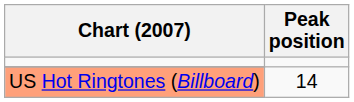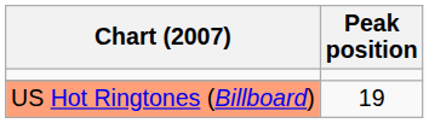 <table class="wikitable sortable">
 <tr>
 <th>Chart (2007)</th>
 <th>Peak<br>position</th>
 </tr>
 <tr>
 <td></td>
 </tr>
 <tr>
 </tr>
 <tr>
 <td style="background: lightsalmon;">US <a href='#'>Hot Ringtones</a> (<em><a href='#'>Billboard</a></em>)</td>
-<td align=center>14</td>
+<td align=center>19</td>
 </tr>
 </table>
